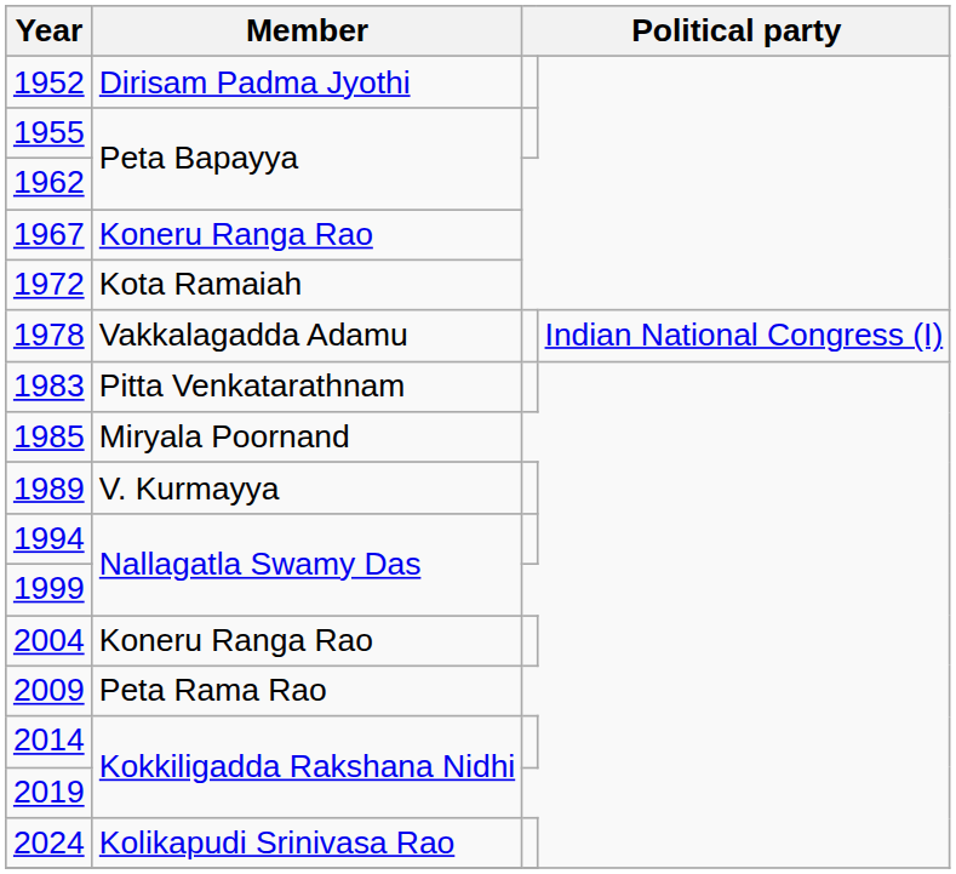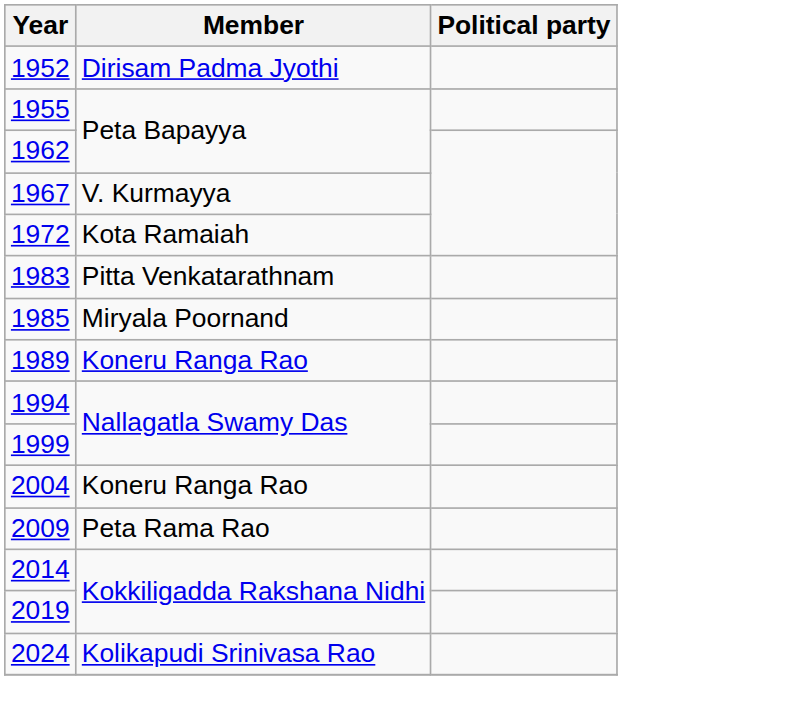 <table class="wikitable sortable">
 <tr>
 <th>Year</th>
 <th>Member</th>
 <th colspan="2">Political party</th>
 </tr>
 <tr>
 <td><a href='#'>1952</a></td>
 <td><a href='#'>Dirisam Padma Jyothi</a></td>
 <td></td>
 </tr>
 <tr>
 <td><a href='#'>1955</a></td>
 <td rowspan=2>Peta Bapayya</td>
 <td></td>
 </tr>
 <tr>
 <td><a href='#'>1962</a></td>
 </tr>
 <tr>
 <td><a href='#'>1967</a></td>
-<td><a href='#'>Koneru Ranga Rao</a></td>
+<td>V. Kurmayya</td>
 </tr>
 <tr>
 <td><a href='#'>1972</a></td>
 <td>Kota Ramaiah</td>
-</tr>
-<tr>
-<td><a href='#'>1978</a></td>
-<td>Vakkalagadda Adamu</td>
-<td></td>
-<td><a href='#'>Indian National Congress (I)</a></td>
 </tr>
 <tr>
 <td><a href='#'>1983</a></td>
 <td>Pitta Venkatarathnam</td>
 <td></td>
 </tr>
 <tr>
 <td><a href='#'>1985</a></td>
 <td>Miryala Poornand</td>
 </tr>
 <tr>
 <td><a href='#'>1989</a></td>
-<td>V. Kurmayya</td>
+<td><a href='#'>Koneru Ranga Rao</a></td>
 <td></td>
 </tr>
 <tr>
 <td><a href='#'>1994</a></td>
 <td rowspan=2><a href='#'>Nallagatla Swamy Das</a></td>
 <td></td>
 </tr>
 <tr>
 <td><a href='#'>1999</a></td>
 </tr>
 <tr>
 <td><a href='#'>2004</a></td>
 <td>Koneru Ranga Rao</td>
 <td></td>
 </tr>
 <tr>
 <td><a href='#'>2009</a></td>
 <td>Peta Rama Rao</td>
 </tr>
 <tr>
 <td><a href='#'>2014</a></td>
 <td rowspan=2><a href='#'>Kokkiligadda Rakshana Nidhi</a></td>
 <td></td>
 </tr>
 <tr>
 <td><a href='#'>2019</a></td>
 </tr>
 <tr>
 <td><a href='#'>2024</a></td>
 <td><a href='#'>Kolikapudi Srinivasa Rao</a></td>
 <td></td>
 </tr>
 <tr>
 </tr>
 </table>
